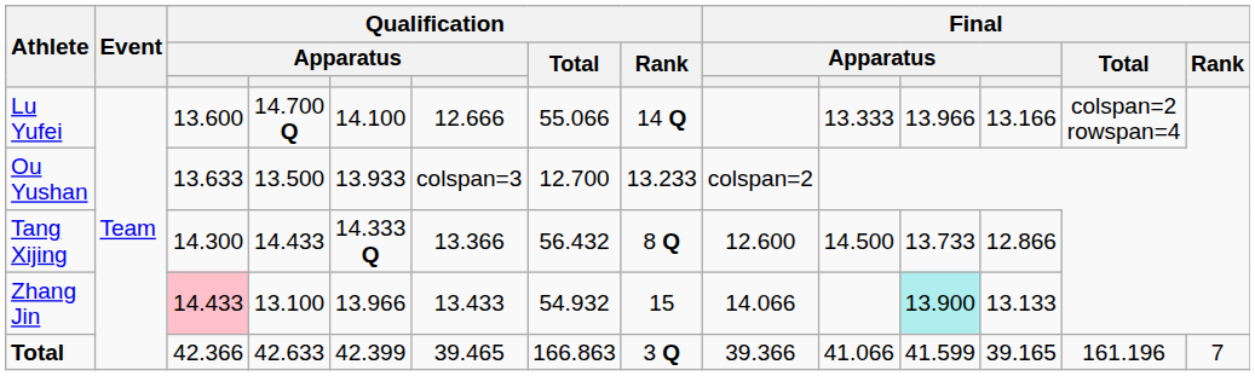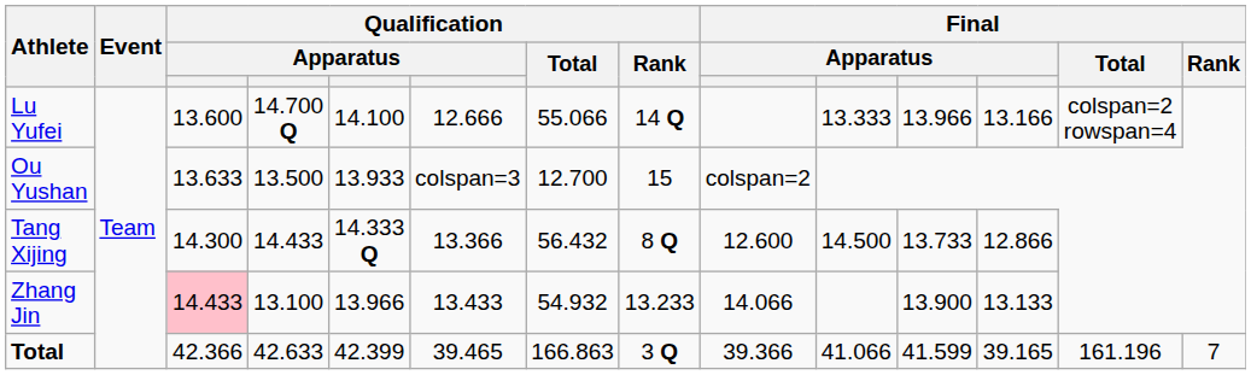 <table class="wikitable" style="font-size:90%">
 <tr>
 <th rowspan=3>Athlete</th>
 <th rowspan=3>Event</th>
 <th colspan=6>Qualification</th>
 <th colspan=6>Final</th>
 </tr>
 <tr style="font-size:95%">
 <th colspan=4>Apparatus</th>
 <th rowspan=2>Total</th>
 <th rowspan=2>Rank</th>
 <th colspan=4>Apparatus</th>
 <th rowspan=2>Total</th>
 <th rowspan=2>Rank</th>
 </tr>
 <tr style="font-size:95%">
 <th></th>
 <th></th>
 <th></th>
 <th></th>
 <th></th>
 <th></th>
 <th></th>
 <th></th>
 </tr>
 <tr align=center>
 <td align=left><a href='#'>Lu Yufei</a></td>
 <td align=left rowspan=5><a href='#'>Team</a></td>
 <td>13.600</td>
 <td>14.700 <strong>Q</strong></td>
 <td>14.100</td>
 <td>12.666</td>
 <td>55.066</td>
 <td>14 <strong>Q</strong></td>
 <td></td>
 <td>13.333</td>
 <td>13.966</td>
 <td>13.166</td>
 <td>colspan=2 rowspan=4 </td>
 </tr>
 <tr align=center>
 <td align=left><a href='#'>Ou Yushan</a></td>
 <td>13.633</td>
 <td>13.500</td>
 <td>13.933</td>
 <td>colspan=3 </td>
 <td>12.700</td>
-<td>13.233</td>
+<td>15</td>
 <td>colspan=2 </td>
 </tr>
 <tr align=center>
 <td align=left><a href='#'>Tang Xijing</a></td>
 <td>14.300</td>
 <td>14.433</td>
 <td>14.333 <strong>Q</strong></td>
 <td>13.366</td>
 <td>56.432</td>
 <td>8 <strong>Q</strong></td>
 <td>12.600</td>
 <td>14.500</td>
 <td>13.733</td>
 <td>12.866</td>
 </tr>
 <tr align=center>
 <td align=left><a href='#'>Zhang Jin</a></td>
 <td style="background: pink;">14.433</td>
 <td>13.100</td>
 <td>13.966</td>
 <td>13.433</td>
 <td>54.932</td>
-<td>15</td>
+<td>13.233</td>
 <td>14.066</td>
 <td></td>
-<td style="background: paleturquoise;">13.900</td>
+<td>13.900</td>
 <td>13.133</td>
 </tr>
 <tr align=center>
 <td align=left><strong>Total</strong></td>
 <td>42.366</td>
 <td>42.633</td>
 <td>42.399</td>
 <td>39.465</td>
 <td>166.863</td>
 <td>3 <strong>Q</strong></td>
 <td>39.366</td>
 <td>41.066</td>
 <td>41.599</td>
 <td>39.165</td>
 <td>161.196</td>
 <td>7</td>
 </tr>
 </table>
